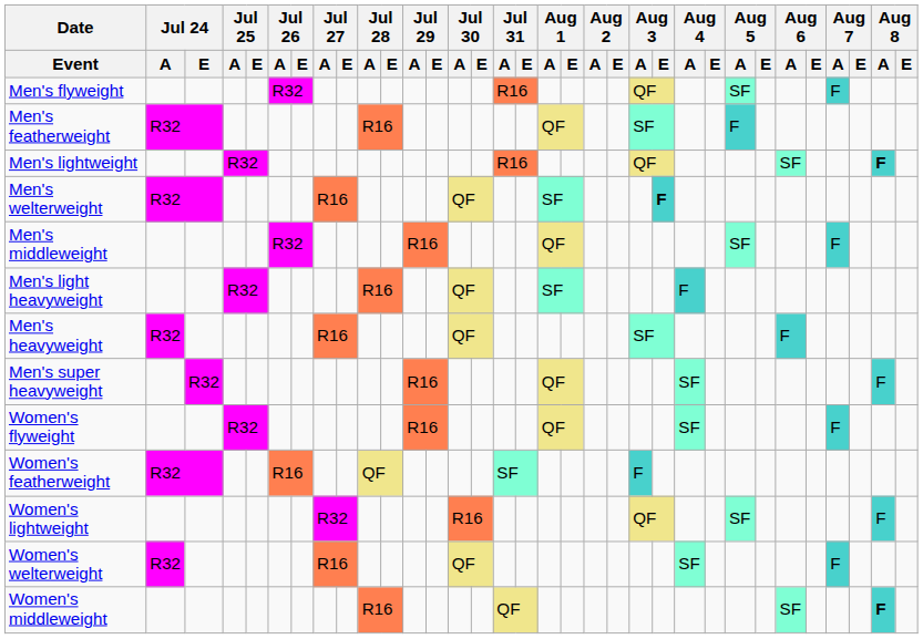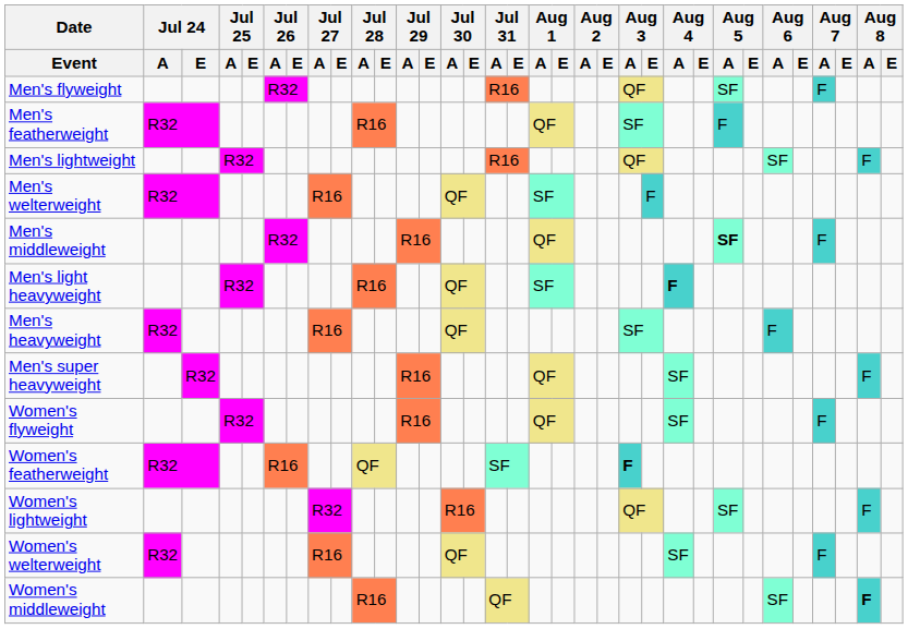 <table class="wikitable olympic-schedule Boxing">
 <tr>
 <th>Date</th>
 <th colspan="2">Jul 24</th>
 <th colspan="2">Jul 25</th>
 <th colspan="2">Jul 26</th>
 <th colspan="2">Jul 27</th>
 <th colspan="2">Jul 28</th>
 <th colspan="2">Jul 29</th>
 <th colspan="2">Jul 30</th>
 <th colspan="2">Jul 31</th>
 <th colspan="2">Aug 1</th>
 <th colspan="2">Aug 2</th>
 <th colspan="2">Aug 3</th>
 <th colspan="2">Aug 4</th>
 <th colspan="2">Aug 5</th>
 <th colspan="2">Aug 6</th>
 <th colspan="2">Aug 7</th>
 <th colspan="2">Aug 8</th>
 </tr>
 <tr>
 <th>Event</th>
 <th>A</th>
 <th>E</th>
 <th>A</th>
 <th>E</th>
 <th>A</th>
 <th>E</th>
 <th>A</th>
 <th>E</th>
 <th>A</th>
 <th>E</th>
 <th>A</th>
 <th>E</th>
 <th>A</th>
 <th>E</th>
 <th>A</th>
 <th>E</th>
 <th>A</th>
 <th>E</th>
 <th>A</th>
 <th>E</th>
 <th>A</th>
 <th>E</th>
 <th>A</th>
 <th>E</th>
 <th>A</th>
 <th>E</th>
 <th>A</th>
 <th>E</th>
 <th>A</th>
 <th>E</th>
 <th>A</th>
 <th>E</th>
 </tr>
 <tr>
 <td class="event"><a href='#'>Men's flyweight</a></td>
 <td></td>
 <td></td>
 <td></td>
 <td></td>
 <td colspan="2" bgcolor="#FF00FF" class="roundof32">R32</td>
 <td></td>
 <td></td>
 <td></td>
 <td></td>
 <td></td>
 <td></td>
 <td></td>
 <td></td>
 <td colspan="2" bgcolor="#FF7F50" class="roundof16">R16</td>
 <td></td>
 <td></td>
 <td></td>
 <td></td>
 <td colspan="2" bgcolor="#F0E68C" class="quarterfinals">QF</td>
 <td></td>
 <td></td>
 <td bgcolor="#7FFFD4" class="semifinals">SF</td>
 <td></td>
 <td></td>
 <td></td>
 <td bgcolor="#48D1CC" class="final">F</td>
 <td></td>
 <td></td>
 <td></td>
 </tr>
 <tr>
 <td class="event"><a href='#'>Men's featherweight</a></td>
 <td colspan="2" bgcolor="#FF00FF" class="roundof32">R32</td>
 <td></td>
 <td></td>
 <td></td>
 <td></td>
 <td></td>
 <td></td>
 <td colspan="2" bgcolor="#FF7F50" class="roundof16">R16</td>
 <td></td>
 <td></td>
 <td></td>
 <td></td>
 <td></td>
 <td></td>
 <td colspan="2" bgcolor="#F0E68C" class="quarterfinals">QF</td>
 <td></td>
 <td></td>
 <td colspan="2" bgcolor="#7FFFD4" class="semifinals">SF</td>
 <td></td>
 <td></td>
 <td bgcolor="#48D1CC" class="final">F</td>
 <td></td>
 <td></td>
 <td></td>
 <td></td>
 <td></td>
 <td></td>
 <td></td>
 </tr>
 <tr>
 <td class="event"><a href='#'>Men's lightweight</a></td>
 <td></td>
 <td></td>
 <td colspan="2" bgcolor="#FF00FF" class="roundof32">R32</td>
 <td></td>
 <td></td>
 <td></td>
 <td></td>
 <td></td>
 <td></td>
 <td></td>
 <td></td>
 <td></td>
 <td></td>
 <td colspan="2" bgcolor="#FF7F50" class="roundof16">R16</td>
 <td></td>
 <td></td>
 <td></td>
 <td></td>
 <td colspan="2" bgcolor="#F0E68C" class="quarterfinals">QF</td>
 <td></td>
 <td></td>
 <td></td>
 <td></td>
 <td bgcolor="#7FFFD4" class="semifinals">SF</td>
 <td></td>
 <td></td>
 <td></td>
-<td bgcolor="#48D1CC" class="final"><strong>F</strong></td>
+<td bgcolor="#48D1CC" class="final">F</td>
 <td></td>
 </tr>
 <tr>
 <td class="event"><a href='#'>Men's welterweight</a></td>
 <td colspan="2" bgcolor="#FF00FF" class="roundof32">R32</td>
 <td></td>
 <td></td>
 <td></td>
 <td></td>
 <td colspan="2" bgcolor="#FF7F50" class="roundof16">R16</td>
 <td></td>
 <td></td>
 <td></td>
 <td></td>
 <td colspan="2" bgcolor="#F0E68C" class="quarterfinals">QF</td>
 <td></td>
 <td></td>
 <td colspan="2" bgcolor="#7FFFD4" class="semifinals">SF</td>
 <td></td>
 <td></td>
 <td></td>
-<td bgcolor="#48D1CC" class="final"><strong>F</strong></td>
+<td bgcolor="#48D1CC" class="final">F</td>
 <td></td>
 <td></td>
 <td></td>
 <td></td>
 <td></td>
 <td></td>
 <td></td>
 <td></td>
 <td></td>
 <td></td>
 </tr>
 <tr>
 <td class="event"><a href='#'>Men's middleweight</a></td>
 <td></td>
 <td></td>
 <td></td>
 <td></td>
 <td colspan="2" bgcolor="#FF00FF" class="roundof32">R32</td>
 <td></td>
 <td></td>
 <td></td>
 <td></td>
 <td colspan="2" bgcolor="#FF7F50" class="roundof16">R16</td>
 <td></td>
 <td></td>
 <td></td>
 <td></td>
 <td colspan="2" bgcolor="#F0E68C" class="quarterfinals">QF</td>
 <td></td>
 <td></td>
 <td></td>
 <td></td>
 <td></td>
 <td></td>
-<td bgcolor="#7FFFD4" class="semifinals">SF</td>
+<td bgcolor="#7FFFD4" class="semifinals"><strong>SF</strong></td>
 <td></td>
 <td></td>
 <td></td>
 <td bgcolor="#48D1CC" class="final">F</td>
 <td></td>
 <td></td>
 <td></td>
 </tr>
 <tr>
 <td class="event"><a href='#'>Men's light heavyweight</a></td>
 <td></td>
 <td></td>
 <td colspan="2" bgcolor="#FF00FF" class="roundof32">R32</td>
 <td></td>
 <td></td>
 <td></td>
 <td></td>
 <td colspan="2" bgcolor="#FF7F50" class="roundof16">R16</td>
 <td></td>
 <td></td>
 <td colspan="2" bgcolor="#F0E68C" class="quarterfinals">QF</td>
 <td></td>
 <td></td>
 <td colspan="2" bgcolor="#7FFFD4" class="semifinals">SF</td>
 <td></td>
 <td></td>
 <td></td>
 <td></td>
-<td bgcolor="#48D1CC" class="final">F</td>
+<td bgcolor="#48D1CC" class="final"><strong>F</strong></td>
 <td></td>
 <td></td>
 <td></td>
 <td></td>
 <td></td>
 <td></td>
 <td></td>
 <td></td>
 <td></td>
 </tr>
 <tr>
 <td class="event"><a href='#'>Men's heavyweight</a></td>
 <td bgcolor="#FF00FF" class="roundof32">R32</td>
 <td></td>
 <td></td>
 <td></td>
 <td></td>
 <td></td>
 <td colspan="2" bgcolor="#FF7F50" class="roundof16">R16</td>
 <td></td>
 <td></td>
 <td></td>
 <td></td>
 <td colspan="2" bgcolor="#F0E68C" class="quarterfinals">QF</td>
 <td></td>
 <td></td>
 <td></td>
 <td></td>
 <td></td>
 <td></td>
 <td colspan="2" bgcolor="#7FFFD4" class="semifinals">SF</td>
 <td></td>
 <td></td>
 <td></td>
 <td></td>
 <td bgcolor="#48D1CC" class="final">F</td>
 <td></td>
 <td></td>
 <td></td>
 <td></td>
 <td></td>
 </tr>
 <tr>
 <td class="event"><a href='#'>Men's super heavyweight</a></td>
 <td></td>
 <td bgcolor="#FF00FF" class="roundof32">R32</td>
 <td></td>
 <td></td>
 <td></td>
 <td></td>
 <td></td>
 <td></td>
 <td></td>
 <td></td>
 <td colspan="2" bgcolor="#FF7F50" class="roundof16">R16</td>
 <td></td>
 <td></td>
 <td></td>
 <td></td>
 <td colspan="2" bgcolor="#F0E68C" class="quarterfinals">QF</td>
 <td></td>
 <td></td>
 <td></td>
 <td></td>
 <td bgcolor="#7FFFD4" class="semifinals">SF</td>
 <td></td>
 <td></td>
 <td></td>
 <td></td>
 <td></td>
 <td></td>
 <td></td>
 <td bgcolor="#48D1CC" class="final">F</td>
 <td></td>
 </tr>
 <tr>
 <td class="event"><a href='#'>Women's flyweight</a></td>
 <td></td>
 <td></td>
 <td colspan="2" bgcolor="#FF00FF" class="roundof32">R32</td>
 <td></td>
 <td></td>
 <td></td>
 <td></td>
 <td></td>
 <td></td>
 <td colspan="2" bgcolor="#FF7F50" class="roundof16">R16</td>
 <td></td>
 <td></td>
 <td></td>
 <td></td>
 <td colspan="2" bgcolor="#F0E68C" class="quarterfinals">QF</td>
 <td></td>
 <td></td>
 <td></td>
 <td></td>
 <td bgcolor="#7FFFD4" class="semifinals">SF</td>
 <td></td>
 <td></td>
 <td></td>
 <td></td>
 <td></td>
 <td bgcolor="#48D1CC" class="final">F</td>
 <td></td>
 <td></td>
 <td></td>
 </tr>
 <tr>
 <td class="event"><a href='#'>Women's featherweight</a></td>
 <td colspan="2" bgcolor="#FF00FF" class="roundof32">R32</td>
 <td></td>
 <td></td>
 <td colspan="2" bgcolor="#FF7F50" class="roundof16">R16</td>
 <td></td>
 <td></td>
 <td colspan="2" bgcolor="#F0E68C" class="quarterfinals">QF</td>
 <td></td>
 <td></td>
 <td></td>
 <td></td>
 <td colspan="2" bgcolor="#7FFFD4" class="semifinals">SF</td>
 <td></td>
 <td></td>
 <td></td>
 <td></td>
-<td bgcolor="#48D1CC" class="final">F</td>
+<td bgcolor="#48D1CC" class="final"><strong>F</strong></td>
 <td></td>
 <td></td>
 <td></td>
 <td></td>
 <td></td>
 <td></td>
 <td></td>
 <td></td>
 <td></td>
 <td></td>
 <td></td>
 </tr>
 <tr>
 <td class="event"><a href='#'>Women's lightweight</a></td>
 <td></td>
 <td></td>
 <td></td>
 <td></td>
 <td></td>
 <td></td>
 <td colspan="2" bgcolor="#FF00FF" class="roundof32">R32</td>
 <td></td>
 <td></td>
 <td></td>
 <td></td>
 <td colspan="2" bgcolor="#FF7F50" class="roundof16">R16</td>
 <td></td>
 <td></td>
 <td></td>
 <td></td>
 <td></td>
 <td></td>
 <td colspan="2" bgcolor="#F0E68C" class="quarterfinals">QF</td>
 <td></td>
 <td></td>
 <td bgcolor="#7FFFD4" class="semifinals">SF</td>
 <td></td>
 <td></td>
 <td></td>
 <td></td>
 <td></td>
 <td bgcolor="#48D1CC" class="final">F</td>
 <td></td>
 </tr>
 <tr>
 <td class="event"><a href='#'>Women's welterweight</a></td>
 <td bgcolor="#FF00FF" class="roundof32">R32</td>
 <td></td>
 <td></td>
 <td></td>
 <td></td>
 <td></td>
 <td colspan="2" bgcolor="#FF7F50" class="roundof16">R16</td>
 <td></td>
 <td></td>
 <td></td>
 <td></td>
 <td colspan="2" bgcolor="#F0E68C" class="quarterfinals">QF</td>
 <td></td>
 <td></td>
 <td></td>
 <td></td>
 <td></td>
 <td></td>
 <td></td>
 <td></td>
 <td bgcolor="#7FFFD4" class="semifinals">SF</td>
 <td></td>
 <td></td>
 <td></td>
 <td></td>
 <td></td>
 <td bgcolor="#48D1CC" class="final">F</td>
 <td></td>
 <td></td>
 <td></td>
 </tr>
 <tr>
 <td class="event"><a href='#'>Women's middleweight</a></td>
 <td></td>
 <td></td>
 <td></td>
 <td></td>
 <td></td>
 <td></td>
 <td></td>
 <td></td>
 <td colspan="2" class="roundof16" bgcolor="#FF7F50">R16</td>
 <td></td>
 <td></td>
 <td></td>
 <td></td>
 <td colspan="2" bgcolor="#F0E68C" class="quarterfinals">QF</td>
 <td></td>
 <td></td>
 <td></td>
 <td></td>
 <td></td>
 <td></td>
 <td></td>
 <td></td>
 <td></td>
 <td></td>
 <td bgcolor="#7FFFD4" class="semifinals">SF</td>
 <td></td>
 <td></td>
 <td></td>
 <td bgcolor="#48D1CC" class="final"><strong>F</strong></td>
 </tr>
 </table>
